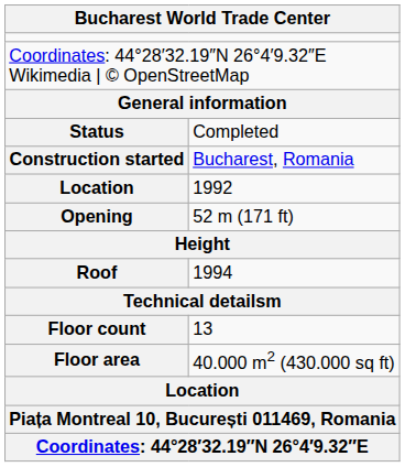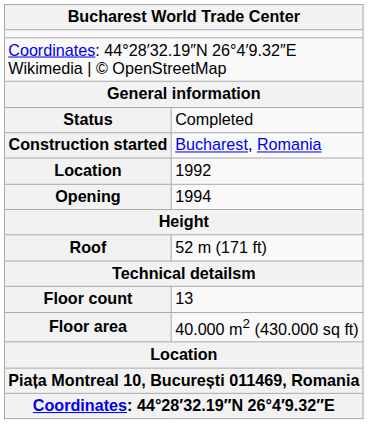 <table class="wikitable">
 <tr>
 <th colspan="2">Bucharest World Trade Center</th>
 </tr>
 <tr>
 <td colspan="2"></td>
 </tr>
 <tr>
 <td colspan="2"><a href='#'>Coordinates</a>: 44°28′32.19″N 26°4′9.32″E<br>Wikimedia | © OpenStreetMap</td>
 </tr>
 <tr>
 <th colspan="2">General information</th>
 </tr>
 <tr>
 <th>Status</th>
 <td>Completed</td>
 </tr>
 <tr>
 <th>Construction started</th>
 <td><a href='#'>Bucharest</a>, <a href='#'>Romania</a></td>
 </tr>
 <tr>
 <th>Location</th>
 <td>1992</td>
 </tr>
 <tr>
 <th>Opening</th>
-<td>52 m (171 ft)</td>
+<td>1994</td>
 </tr>
 <tr>
 <th colspan="2">Height</th>
 </tr>
 <tr>
 <th>Roof</th>
-<td>1994</td>
+<td>52 m (171 ft)</td>
 </tr>
 <tr>
 <th colspan="2">Technical detailsm</th>
 </tr>
 <tr>
 <th>Floor count</th>
 <td>13</td>
 </tr>
 <tr>
 <th>Floor area</th>
 <td>40.000 m<sup>2</sup> (430.000 sq ft)</td>
 </tr>
 <tr>
 <th colspan="2">Location</th>
 </tr>
 <tr>
 <th colspan="2">Piața Montreal 10, București 011469, Romania</th>
 </tr>
 <tr>
 <th colspan="2"><a href='#'>Coordinates</a>: 44°28′32.19″N 26°4′9.32″E</th>
 </tr>
 </table>
